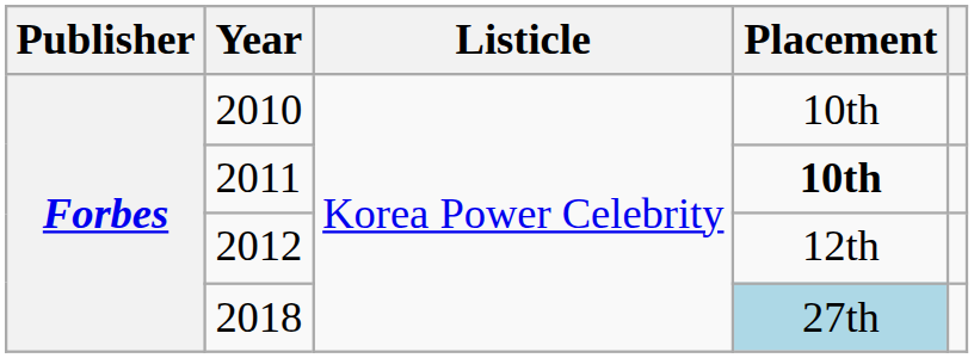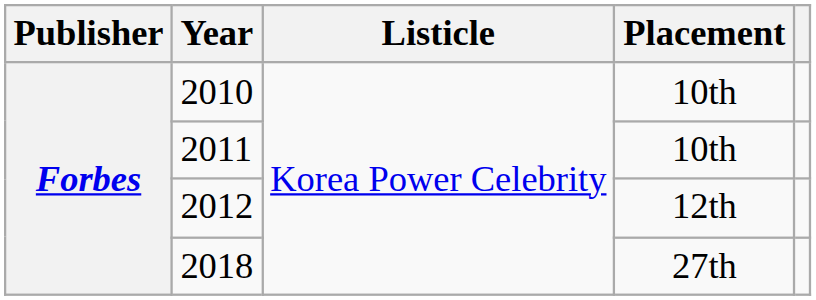 <table class="wikitable plainrowheaders sortable" style="margin-right: 0;">
 <tr>
 <th scope="col">Publisher</th>
 <th scope="col">Year</th>
 <th scope="col">Listicle</th>
 <th scope="col">Placement</th>
 <th scope="col" class="unsortable"></th>
 </tr>
 <tr>
 <th scope="row" rowspan="4"><em><a href='#'>Forbes</a></em></th>
 <td>2010</td>
 <td rowspan="4"><a href='#'>Korea Power Celebrity</a></td>
 <td style="text-align:center;">10th</td>
 <td style="text-align:center;"></td>
 </tr>
 <tr>
 <td>2011</td>
-<td style="text-align:center;"><strong>10th</strong></td>
+<td style="text-align:center;">10th</td>
 <td style="text-align:center;"></td>
 </tr>
 <tr>
 <td>2012</td>
 <td style="text-align:center;">12th</td>
 <td style="text-align:center;"></td>
 </tr>
 <tr>
 <td>2018</td>
-<td style="background: lightblue; text-align:center;">27th</td>
+<td style="text-align:center;">27th</td>
 <td style="text-align:center;"></td>
 </tr>
 </table>
